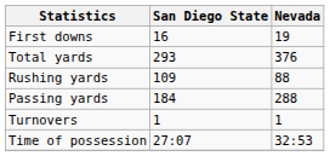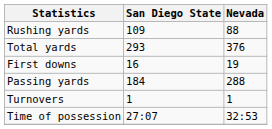 <table class="wikitable">
 <tr>
 <th>Statistics</th>
 <th>San Diego State</th>
 <th>Nevada</th>
 </tr>
 <tr>
-<td>First downs</td>
-<td>16</td>
-<td>19</td>
+<td>Rushing yards</td>
+<td>109</td>
+<td>88</td>
 </tr>
 <tr>
 <td>Total yards</td>
 <td>293</td>
 <td>376</td>
 </tr>
 <tr>
-<td>Rushing yards</td>
-<td>109</td>
-<td>88</td>
+<td>First downs</td>
+<td>16</td>
+<td>19</td>
 </tr>
 <tr>
 <td>Passing yards</td>
 <td>184</td>
 <td>288</td>
 </tr>
 <tr>
 <td>Turnovers</td>
 <td>1</td>
 <td>1</td>
 </tr>
 <tr>
 <td>Time of possession</td>
 <td>27:07</td>
 <td>32:53</td>
 </tr>
 <tr>
 </tr>
 </table>
